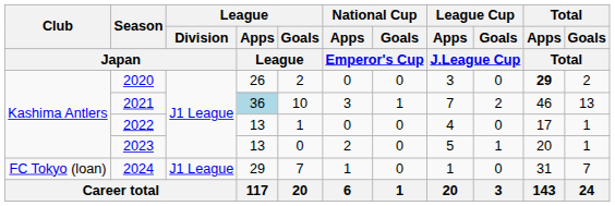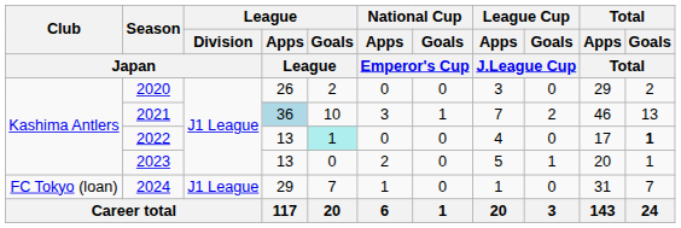 <table class="wikitable" style="text-align: center">
 <tr>
 <th rowspan="2">Club</th>
 <th rowspan="2">Season</th>
 <th colspan="3">League</th>
 <th colspan="2">National Cup</th>
 <th colspan="2">League Cup</th>
 <th colspan="2">Total</th>
 </tr>
 <tr>
 <th>Division</th>
 <th>Apps</th>
 <th>Goals</th>
 <th>Apps</th>
 <th>Goals</th>
 <th>Apps</th>
 <th>Goals</th>
 <th>Apps</th>
 <th>Goals</th>
 </tr>
 <tr>
 <th colspan=3>Japan</th>
 <th colspan=2>League</th>
 <th colspan=2><a href='#'>Emperor's Cup</a></th>
 <th colspan=2><a href='#'>J.League Cup</a></th>
 <th colspan=2>Total</th>
 </tr>
 <tr>
 <td rowspan=4><a href='#'>Kashima Antlers</a></td>
 <td><a href='#'>2020</a></td>
 <td rowspan=4><a href='#'>J1 League</a></td>
 <td>26</td>
 <td>2</td>
 <td>0</td>
 <td>0</td>
 <td>3</td>
 <td>0</td>
-<td><strong>29</strong></td>
+<td>29</td>
 <td>2</td>
 </tr>
 <tr>
 <td><a href='#'>2021</a></td>
 <td style="background: lightblue;">36</td>
 <td>10</td>
 <td>3</td>
 <td>1</td>
 <td>7</td>
 <td>2</td>
 <td>46</td>
 <td>13</td>
 </tr>
 <tr>
 <td><a href='#'>2022</a></td>
 <td>13</td>
-<td>1</td>
+<td style="background: paleturquoise;">1</td>
 <td>0</td>
 <td>0</td>
 <td>4</td>
 <td>0</td>
 <td>17</td>
-<td>1</td>
+<td><strong>1</strong></td>
 </tr>
 <tr>
 <td><a href='#'>2023</a></td>
 <td>13</td>
 <td>0</td>
 <td>2</td>
 <td>0</td>
 <td>5</td>
 <td>1</td>
 <td>20</td>
 <td>1</td>
 </tr>
 <tr>
 <td><a href='#'>FC Tokyo</a> (loan)</td>
 <td><a href='#'>2024</a></td>
 <td><a href='#'>J1 League</a></td>
 <td>29</td>
 <td>7</td>
 <td>1</td>
 <td>0</td>
 <td>1</td>
 <td>0</td>
 <td>31</td>
 <td>7</td>
 </tr>
 <tr>
 <th colspan=3>Career total</th>
 <th>117</th>
 <th>20</th>
 <th>6</th>
 <th>1</th>
 <th>20</th>
 <th>3</th>
 <th>143</th>
 <th>24</th>
 </tr>
 </table>
